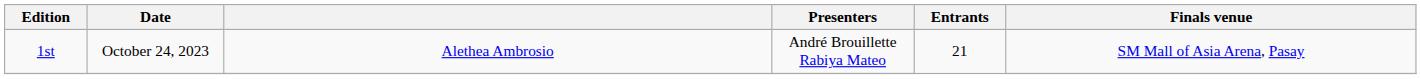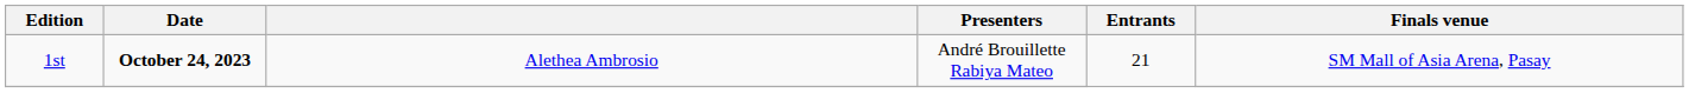 <table class="wikitable" style="font-size: 85%; text-align:center">
 <tr>
 <th bgcolor="#efefef" width="2%">Edition</th>
 <th bgcolor="#efefef" width="5%">Date</th>
 <th bgcolor="#efefef" width="20%"></th>
 <th bgcolor="#efefef" width="5%">Presenters</th>
 <th bgcolor="#efefef" width="2%">Entrants</th>
 <th bgcolor="#efefef" width="15%">Finals venue</th>
 </tr>
 <tr>
 <td align=center><a href='#'>1st</a></td>
-<td align=center>October 24, 2023</td>
+<td align=center><strong>October 24, 2023</strong></td>
 <td align=center><a href='#'>Alethea Ambrosio</a></td>
 <td align=center>André Brouillette<br><a href='#'>Rabiya Mateo</a></td>
 <td align=center rowspan="3">21</td>
 <td align=center><a href='#'>SM Mall of Asia Arena</a>, <a href='#'>Pasay</a></td>
 </tr>
 <tr>
 </tr>
 </table>
